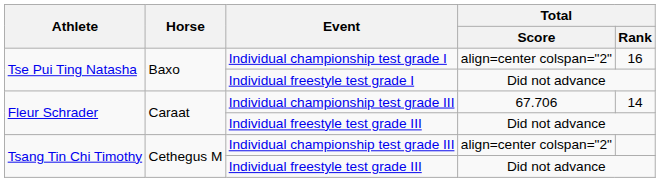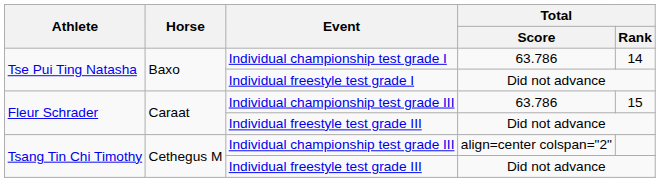 <table class=wikitable style="font-size:90%">
 <tr>
 <th rowspan="2">Athlete</th>
 <th rowspan="2">Horse</th>
 <th rowspan="2">Event</th>
 <th colspan="2">Total</th>
 </tr>
 <tr>
 <th>Score</th>
 <th>Rank</th>
 </tr>
 <tr>
 <td rowspan="2"><a href='#'>Tse Pui Ting Natasha</a></td>
 <td rowspan="2">Baxo</td>
 <td><a href='#'>Individual championship test grade I</a></td>
-<td>align=center colspan="2" </td>
-<td align=center>16</td>
+<td align=center>63.786</td>
+<td align=center>14</td>
 </tr>
 <tr>
 <td><a href='#'>Individual freestyle test grade I</a></td>
 <td align=center colspan="2">Did not advance</td>
 </tr>
 <tr>
 <td rowspan="2"><a href='#'>Fleur Schrader</a></td>
 <td rowspan="2">Caraat</td>
 <td><a href='#'>Individual championship test grade III</a></td>
-<td align=center>67.706</td>
-<td align=center>14</td>
+<td align=center>63.786</td>
+<td align=center>15</td>
 </tr>
 <tr>
 <td><a href='#'>Individual freestyle test grade III</a></td>
 <td align=center colspan="2">Did not advance</td>
 </tr>
 <tr>
 <td rowspan="2"><a href='#'>Tsang Tin Chi Timothy</a></td>
 <td rowspan="2">Cethegus M</td>
 <td><a href='#'>Individual championship test grade III</a></td>
 <td>align=center colspan="2" </td>
 </tr>
 <tr>
 <td><a href='#'>Individual freestyle test grade III</a></td>
 <td align=center colspan="2">Did not advance</td>
 </tr>
 </table>
